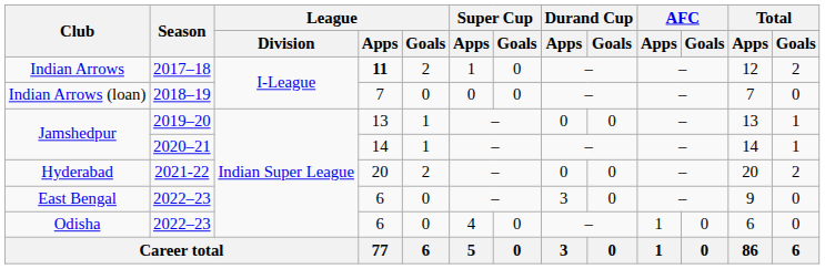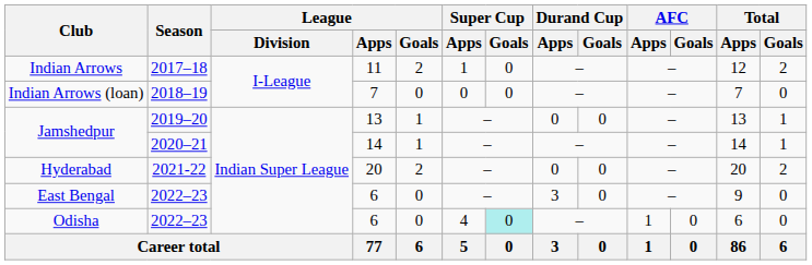 <table class="wikitable" style="text-align: center;">
 <tr>
 <th rowspan="2">Club</th>
 <th rowspan="2">Season</th>
 <th colspan="3">League</th>
 <th colspan="2">Super Cup</th>
 <th colspan="2">Durand Cup</th>
 <th colspan="2"><a href='#'>AFC</a></th>
 <th colspan="2">Total</th>
 </tr>
 <tr>
 <th>Division</th>
 <th>Apps</th>
 <th>Goals</th>
 <th>Apps</th>
 <th>Goals</th>
 <th>Apps</th>
 <th>Goals</th>
 <th>Apps</th>
 <th>Goals</th>
 <th>Apps</th>
 <th>Goals</th>
 </tr>
 <tr>
 <td rowspan="1"><a href='#'>Indian Arrows</a></td>
 <td><a href='#'>2017–18</a></td>
 <td rowspan="2"><a href='#'>I-League</a></td>
-<td><strong>11</strong></td>
+<td>11</td>
 <td>2</td>
 <td>1</td>
 <td>0</td>
 <td colspan="2">–</td>
 <td colspan="2">–</td>
 <td>12</td>
 <td>2</td>
 </tr>
 <tr>
 <td rowspan="1"><a href='#'>Indian Arrows</a> (loan)</td>
 <td><a href='#'>2018–19</a></td>
 <td>7</td>
 <td>0</td>
 <td>0</td>
 <td>0</td>
 <td colspan="2">–</td>
 <td colspan="2">–</td>
 <td>7</td>
 <td>0</td>
 </tr>
 <tr>
 <td rowspan="2"><a href='#'>Jamshedpur</a></td>
 <td><a href='#'>2019–20</a></td>
 <td rowspan="5"><a href='#'>Indian Super League</a></td>
 <td>13</td>
 <td>1</td>
 <td colspan="2">–</td>
 <td>0</td>
 <td>0</td>
 <td colspan="2">–</td>
 <td>13</td>
 <td>1</td>
 </tr>
 <tr>
 <td><a href='#'>2020–21</a></td>
 <td>14</td>
 <td>1</td>
 <td colspan="2">–</td>
 <td colspan="2">–</td>
 <td colspan="2">–</td>
 <td>14</td>
 <td>1</td>
 </tr>
 <tr>
 <td rowspan="1"><a href='#'>Hyderabad</a></td>
 <td><a href='#'>2021-22</a></td>
 <td>20</td>
 <td>2</td>
 <td colspan="2">–</td>
 <td>0</td>
 <td>0</td>
 <td colspan="2">–</td>
 <td>20</td>
 <td>2</td>
 </tr>
 <tr>
 <td><a href='#'>East Bengal</a></td>
 <td><a href='#'>2022–23</a></td>
 <td>6</td>
 <td>0</td>
 <td colspan="2">–</td>
 <td>3</td>
 <td>0</td>
 <td colspan="2">–</td>
 <td>9</td>
 <td>0</td>
 </tr>
 <tr>
 <td><a href='#'>Odisha</a></td>
 <td><a href='#'>2022–23</a></td>
 <td>6</td>
 <td>0</td>
 <td>4</td>
-<td>0</td>
+<td style="background: paleturquoise;">0</td>
 <td colspan="2">–</td>
 <td>1</td>
 <td>0</td>
 <td>6</td>
 <td>0</td>
 </tr>
 <tr>
 <th colspan="3">Career total</th>
 <th>77</th>
 <th>6</th>
 <th>5</th>
 <th>0</th>
 <th>3</th>
 <th>0</th>
 <th>1</th>
 <th>0</th>
 <th>86</th>
 <th>6</th>
 </tr>
 </table>
